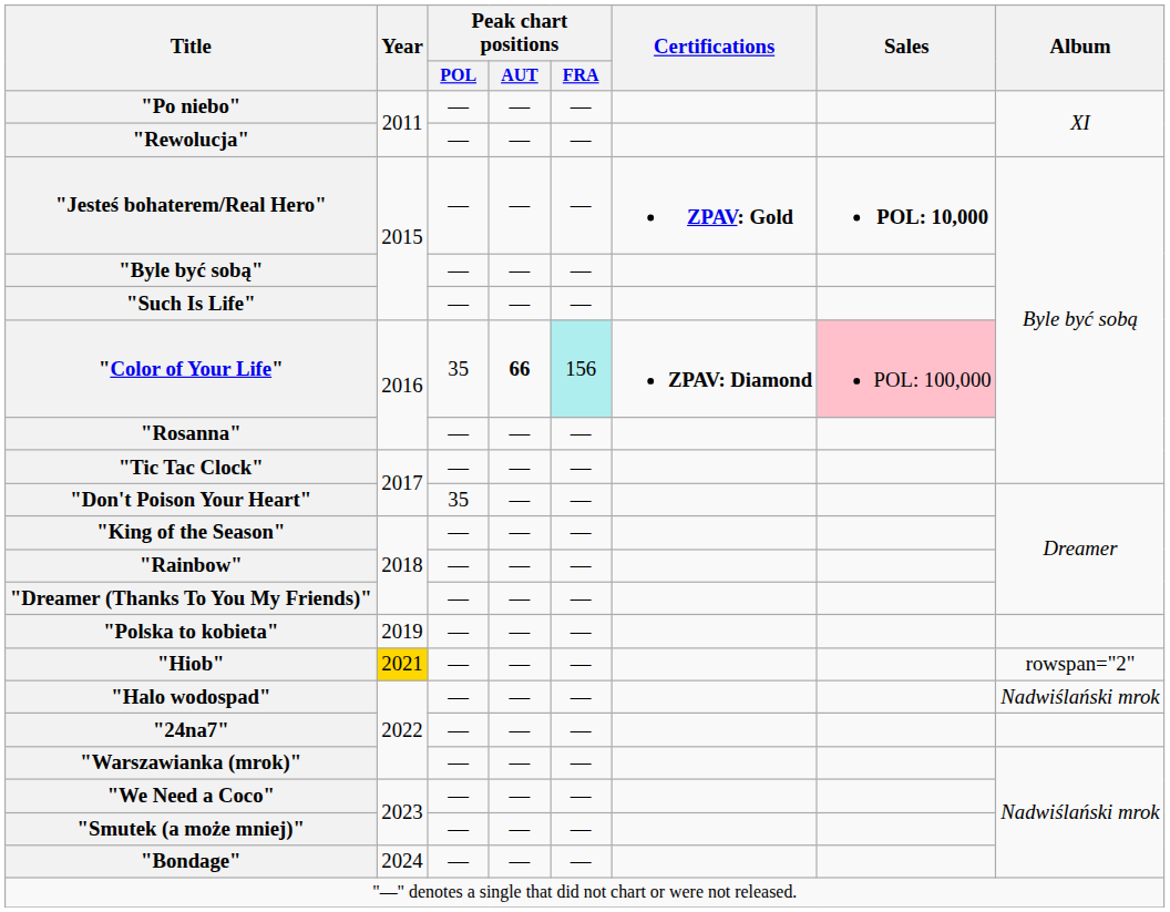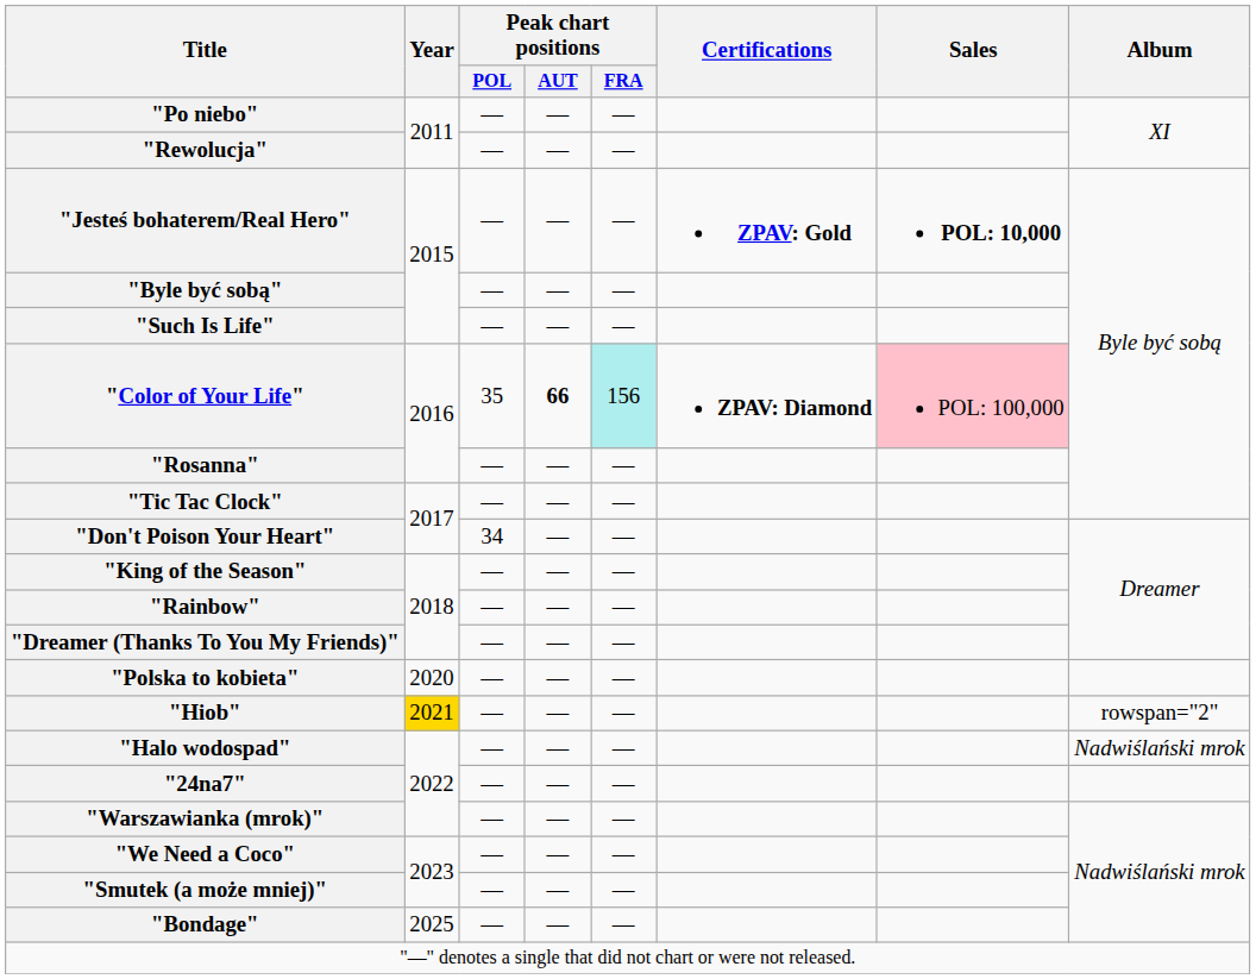 <table class="wikitable plainrowheaders" style="text-align:center;">
 <tr>
 <th scope="col" rowspan="2">Title</th>
 <th scope="col" rowspan="2">Year</th>
 <th scope="col" colspan="3">Peak chart positions</th>
 <th scope="col" rowspan="2"><a href='#'>Certifications</a></th>
 <th scope="col" rowspan="2">Sales</th>
 <th scope="col" rowspan="2">Album</th>
 </tr>
 <tr>
 <th scope="col" style="width:3em;font-size:85%;"><a href='#'>POL</a><br></th>
 <th scope="col" style="width:3em;font-size:85%;"><a href='#'>AUT</a><br></th>
 <th scope="col" style="width:3em;font-size:85%;"><a href='#'>FRA</a><br></th>
 </tr>
 <tr>
 <th scope="row">"Po niebo"</th>
 <td rowspan="2">2011</td>
 <td>—</td>
 <td>—</td>
 <td>—</td>
 <td></td>
 <td></td>
 <td rowspan="2"><em>XI</em></td>
 </tr>
 <tr>
 <th scope="row">"Rewolucja"</th>
 <td>—</td>
 <td>—</td>
 <td>—</td>
 <td></td>
 <td></td>
 </tr>
 <tr>
 <th scope="row">"Jesteś bohaterem/Real Hero"</th>
 <td rowspan="3">2015</td>
 <td>—</td>
 <td>—</td>
 <td>—</td>
 <td><strong><br><ul><li><a href='#'>ZPAV</a>: Gold</li></ul></strong></td>
 <td><strong><br><ul><li>POL: 10,000</li></ul></strong></td>
 <td rowspan="6"><em>Byle być sobą</em></td>
 </tr>
 <tr>
 <th scope="row">"Byle być sobą"</th>
 <td>—</td>
 <td>—</td>
 <td>—</td>
 <td></td>
 <td></td>
 </tr>
 <tr>
 <th scope="row">"Such Is Life"</th>
 <td>—</td>
 <td>—</td>
 <td>—</td>
 <td></td>
 <td></td>
 </tr>
 <tr>
 <th scope="row">"<a href='#'>Color of Your Life</a>"</th>
 <td rowspan="2">2016</td>
 <td>35</td>
 <td><strong>66</strong></td>
 <td style="background: paleturquoise;">156</td>
 <td><strong><br><ul><li>ZPAV: Diamond</li></ul></strong></td>
 <td style="background: pink;"><br><ul><li>POL: 100,000</li></ul></td>
 </tr>
 <tr>
 <th scope="row">"Rosanna"</th>
 <td>—</td>
 <td>—</td>
 <td>—</td>
 <td></td>
 <td></td>
 </tr>
 <tr>
 <th scope="row">"Tic Tac Clock"</th>
 <td rowspan="2">2017</td>
 <td>—</td>
 <td>—</td>
 <td>—</td>
 <td></td>
 <td></td>
 </tr>
 <tr>
 <th scope="row">"Don't Poison Your Heart"</th>
-<td>35</td>
+<td>34</td>
 <td>—</td>
 <td>—</td>
 <td></td>
 <td></td>
 <td rowspan="4"><em>Dreamer</em></td>
 </tr>
 <tr>
 <th scope="row">"King of the Season"</th>
 <td rowspan="3">2018</td>
 <td>—</td>
 <td>—</td>
 <td>—</td>
 <td></td>
 <td></td>
 </tr>
 <tr>
 <th scope="row">"Rainbow"</th>
 <td>—</td>
 <td>—</td>
 <td>—</td>
 <td></td>
 <td></td>
 </tr>
 <tr>
 <th scope="row">"Dreamer (Thanks To You My Friends)"</th>
 <td>—</td>
 <td>—</td>
 <td>—</td>
 <td></td>
 <td></td>
 </tr>
 <tr>
 <th scope="row">"Polska to kobieta"<br></th>
-<td>2019</td>
+<td>2020</td>
 <td>—</td>
 <td>—</td>
 <td>—</td>
 <td></td>
 <td></td>
 <td></td>
 </tr>
 <tr>
 <th scope="row">"Hiob"</th>
 <td style="background: gold;">2021</td>
 <td>—</td>
 <td>—</td>
 <td>—</td>
 <td></td>
 <td></td>
 <td>rowspan="2" </td>
 </tr>
 <tr>
 <th scope="row">"Halo wodospad"</th>
 <td rowspan="3">2022</td>
 <td>—</td>
 <td>—</td>
 <td>—</td>
 <td></td>
 <td></td>
 <td><em>Nadwiślański mrok</em></td>
 </tr>
 <tr>
 <th scope="row">"24na7"</th>
 <td>—</td>
 <td>—</td>
 <td>—</td>
 <td></td>
 <td></td>
 </tr>
 <tr>
 <th scope="row">"Warszawianka (mrok)"</th>
 <td>—</td>
 <td>—</td>
 <td>—</td>
 <td></td>
 <td></td>
 <td rowspan="4"><em>Nadwiślański mrok</em></td>
 </tr>
 <tr>
 <th scope="row">"We Need a Coco"</th>
 <td rowspan="2">2023</td>
 <td>—</td>
 <td>—</td>
 <td>—</td>
 <td></td>
 <td></td>
 </tr>
 <tr>
 <th scope="row">"Smutek (a może mniej)"</th>
 <td>—</td>
 <td>—</td>
 <td>—</td>
 <td></td>
 <td></td>
 </tr>
 <tr>
 <th scope="row">"Bondage"</th>
-<td>2024</td>
+<td>2025</td>
 <td>—</td>
 <td>—</td>
 <td>—</td>
 <td></td>
 <td></td>
 </tr>
 <tr>
 <td colspan="8" style="text-align:center; font-size:85%;">"—" denotes a single that did not chart or were not released.</td>
 </tr>
 </table>
